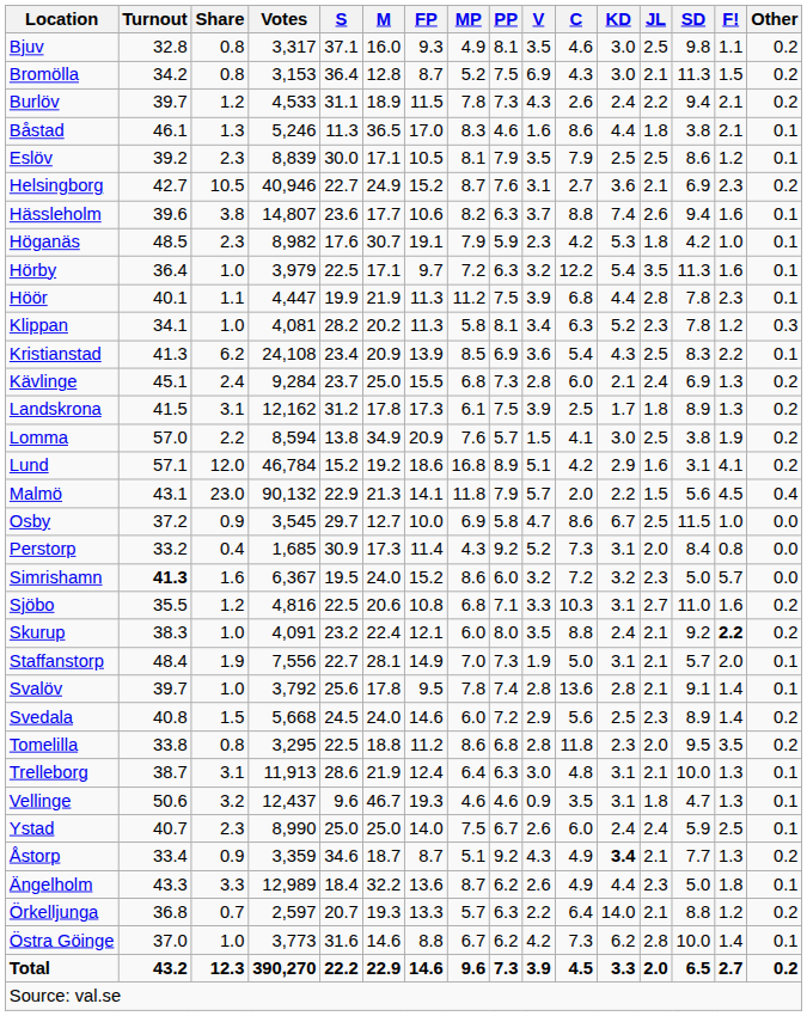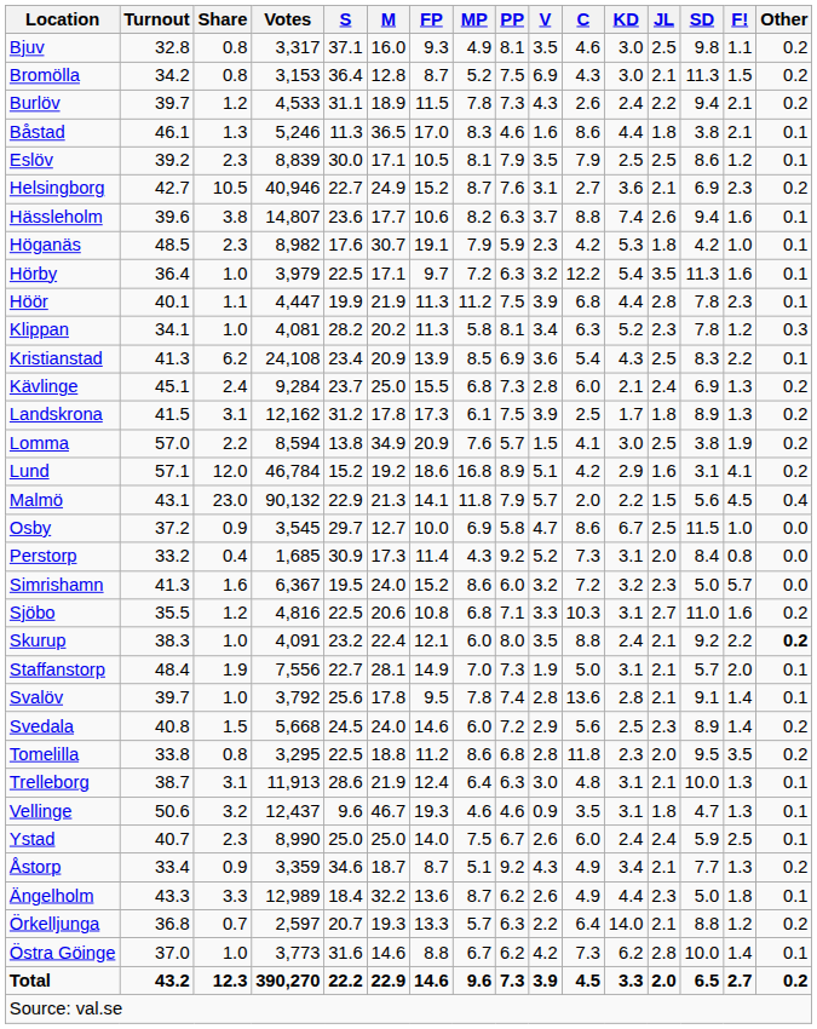 <table class="wikitable sortable" style=text-align:right>
 <tr>
 <th>Location</th>
 <th>Turnout</th>
 <th>Share</th>
 <th>Votes</th>
 <th><a href='#'>S</a></th>
 <th><a href='#'>M</a></th>
 <th><a href='#'>FP</a></th>
 <th><a href='#'>MP</a></th>
 <th><a href='#'>PP</a></th>
 <th><a href='#'>V</a></th>
 <th><a href='#'>C</a></th>
 <th><a href='#'>KD</a></th>
 <th><a href='#'>JL</a></th>
 <th><a href='#'>SD</a></th>
 <th><a href='#'>F!</a></th>
 <th>Other</th>
 </tr>
 <tr>
 <td align=left><a href='#'>Bjuv</a></td>
 <td>32.8</td>
 <td>0.8</td>
 <td>3,317</td>
 <td>37.1</td>
 <td>16.0</td>
 <td>9.3</td>
 <td>4.9</td>
 <td>8.1</td>
 <td>3.5</td>
 <td>4.6</td>
 <td>3.0</td>
 <td>2.5</td>
 <td>9.8</td>
 <td>1.1</td>
 <td>0.2</td>
 </tr>
 <tr>
 <td align=left><a href='#'>Bromölla</a></td>
 <td>34.2</td>
 <td>0.8</td>
 <td>3,153</td>
 <td>36.4</td>
 <td>12.8</td>
 <td>8.7</td>
 <td>5.2</td>
 <td>7.5</td>
 <td>6.9</td>
 <td>4.3</td>
 <td>3.0</td>
 <td>2.1</td>
 <td>11.3</td>
 <td>1.5</td>
 <td>0.2</td>
 </tr>
 <tr>
 <td align=left><a href='#'>Burlöv</a></td>
 <td>39.7</td>
 <td>1.2</td>
 <td>4,533</td>
 <td>31.1</td>
 <td>18.9</td>
 <td>11.5</td>
 <td>7.8</td>
 <td>7.3</td>
 <td>4.3</td>
 <td>2.6</td>
 <td>2.4</td>
 <td>2.2</td>
 <td>9.4</td>
 <td>2.1</td>
 <td>0.2</td>
 </tr>
 <tr>
 <td align=left><a href='#'>Båstad</a></td>
 <td>46.1</td>
 <td>1.3</td>
 <td>5,246</td>
 <td>11.3</td>
 <td>36.5</td>
 <td>17.0</td>
 <td>8.3</td>
 <td>4.6</td>
 <td>1.6</td>
 <td>8.6</td>
 <td>4.4</td>
 <td>1.8</td>
 <td>3.8</td>
 <td>2.1</td>
 <td>0.1</td>
 </tr>
 <tr>
 <td align=left><a href='#'>Eslöv</a></td>
 <td>39.2</td>
 <td>2.3</td>
 <td>8,839</td>
 <td>30.0</td>
 <td>17.1</td>
 <td>10.5</td>
 <td>8.1</td>
 <td>7.9</td>
 <td>3.5</td>
 <td>7.9</td>
 <td>2.5</td>
 <td>2.5</td>
 <td>8.6</td>
 <td>1.2</td>
 <td>0.1</td>
 </tr>
 <tr>
 <td align=left><a href='#'>Helsingborg</a></td>
 <td>42.7</td>
 <td>10.5</td>
 <td>40,946</td>
 <td>22.7</td>
 <td>24.9</td>
 <td>15.2</td>
 <td>8.7</td>
 <td>7.6</td>
 <td>3.1</td>
 <td>2.7</td>
 <td>3.6</td>
 <td>2.1</td>
 <td>6.9</td>
 <td>2.3</td>
 <td>0.2</td>
 </tr>
 <tr>
 <td align=left><a href='#'>Hässleholm</a></td>
 <td>39.6</td>
 <td>3.8</td>
 <td>14,807</td>
 <td>23.6</td>
 <td>17.7</td>
 <td>10.6</td>
 <td>8.2</td>
 <td>6.3</td>
 <td>3.7</td>
 <td>8.8</td>
 <td>7.4</td>
 <td>2.6</td>
 <td>9.4</td>
 <td>1.6</td>
 <td>0.1</td>
 </tr>
 <tr>
 <td align=left><a href='#'>Höganäs</a></td>
 <td>48.5</td>
 <td>2.3</td>
 <td>8,982</td>
 <td>17.6</td>
 <td>30.7</td>
 <td>19.1</td>
 <td>7.9</td>
 <td>5.9</td>
 <td>2.3</td>
 <td>4.2</td>
 <td>5.3</td>
 <td>1.8</td>
 <td>4.2</td>
 <td>1.0</td>
 <td>0.1</td>
 </tr>
 <tr>
 <td align=left><a href='#'>Hörby</a></td>
 <td>36.4</td>
 <td>1.0</td>
 <td>3,979</td>
 <td>22.5</td>
 <td>17.1</td>
 <td>9.7</td>
 <td>7.2</td>
 <td>6.3</td>
 <td>3.2</td>
 <td>12.2</td>
 <td>5.4</td>
 <td>3.5</td>
 <td>11.3</td>
 <td>1.6</td>
 <td>0.1</td>
 </tr>
 <tr>
 <td align=left><a href='#'>Höör</a></td>
 <td>40.1</td>
 <td>1.1</td>
 <td>4,447</td>
 <td>19.9</td>
 <td>21.9</td>
 <td>11.3</td>
 <td>11.2</td>
 <td>7.5</td>
 <td>3.9</td>
 <td>6.8</td>
 <td>4.4</td>
 <td>2.8</td>
 <td>7.8</td>
 <td>2.3</td>
 <td>0.1</td>
 </tr>
 <tr>
 <td align=left><a href='#'>Klippan</a></td>
 <td>34.1</td>
 <td>1.0</td>
 <td>4,081</td>
 <td>28.2</td>
 <td>20.2</td>
 <td>11.3</td>
 <td>5.8</td>
 <td>8.1</td>
 <td>3.4</td>
 <td>6.3</td>
 <td>5.2</td>
 <td>2.3</td>
 <td>7.8</td>
 <td>1.2</td>
 <td>0.3</td>
 </tr>
 <tr>
 <td align=left><a href='#'>Kristianstad</a></td>
 <td>41.3</td>
 <td>6.2</td>
 <td>24,108</td>
 <td>23.4</td>
 <td>20.9</td>
 <td>13.9</td>
 <td>8.5</td>
 <td>6.9</td>
 <td>3.6</td>
 <td>5.4</td>
 <td>4.3</td>
 <td>2.5</td>
 <td>8.3</td>
 <td>2.2</td>
 <td>0.1</td>
 </tr>
 <tr>
 <td align=left><a href='#'>Kävlinge</a></td>
 <td>45.1</td>
 <td>2.4</td>
 <td>9,284</td>
 <td>23.7</td>
 <td>25.0</td>
 <td>15.5</td>
 <td>6.8</td>
 <td>7.3</td>
 <td>2.8</td>
 <td>6.0</td>
 <td>2.1</td>
 <td>2.4</td>
 <td>6.9</td>
 <td>1.3</td>
 <td>0.2</td>
 </tr>
 <tr>
 <td align=left><a href='#'>Landskrona</a></td>
 <td>41.5</td>
 <td>3.1</td>
 <td>12,162</td>
 <td>31.2</td>
 <td>17.8</td>
 <td>17.3</td>
 <td>6.1</td>
 <td>7.5</td>
 <td>3.9</td>
 <td>2.5</td>
 <td>1.7</td>
 <td>1.8</td>
 <td>8.9</td>
 <td>1.3</td>
 <td>0.2</td>
 </tr>
 <tr>
 <td align=left><a href='#'>Lomma</a></td>
 <td>57.0</td>
 <td>2.2</td>
 <td>8,594</td>
 <td>13.8</td>
 <td>34.9</td>
 <td>20.9</td>
 <td>7.6</td>
 <td>5.7</td>
 <td>1.5</td>
 <td>4.1</td>
 <td>3.0</td>
 <td>2.5</td>
 <td>3.8</td>
 <td>1.9</td>
 <td>0.2</td>
 </tr>
 <tr>
 <td align=left><a href='#'>Lund</a></td>
 <td>57.1</td>
 <td>12.0</td>
 <td>46,784</td>
 <td>15.2</td>
 <td>19.2</td>
 <td>18.6</td>
 <td>16.8</td>
 <td>8.9</td>
 <td>5.1</td>
 <td>4.2</td>
 <td>2.9</td>
 <td>1.6</td>
 <td>3.1</td>
 <td>4.1</td>
 <td>0.2</td>
 </tr>
 <tr>
 <td align=left><a href='#'>Malmö</a></td>
 <td>43.1</td>
 <td>23.0</td>
 <td>90,132</td>
 <td>22.9</td>
 <td>21.3</td>
 <td>14.1</td>
 <td>11.8</td>
 <td>7.9</td>
 <td>5.7</td>
 <td>2.0</td>
 <td>2.2</td>
 <td>1.5</td>
 <td>5.6</td>
 <td>4.5</td>
 <td>0.4</td>
 </tr>
 <tr>
 <td align=left><a href='#'>Osby</a></td>
 <td>37.2</td>
 <td>0.9</td>
 <td>3,545</td>
 <td>29.7</td>
 <td>12.7</td>
 <td>10.0</td>
 <td>6.9</td>
 <td>5.8</td>
 <td>4.7</td>
 <td>8.6</td>
 <td>6.7</td>
 <td>2.5</td>
 <td>11.5</td>
 <td>1.0</td>
 <td>0.0</td>
 </tr>
 <tr>
 <td align=left><a href='#'>Perstorp</a></td>
 <td>33.2</td>
 <td>0.4</td>
 <td>1,685</td>
 <td>30.9</td>
 <td>17.3</td>
 <td>11.4</td>
 <td>4.3</td>
 <td>9.2</td>
 <td>5.2</td>
 <td>7.3</td>
 <td>3.1</td>
 <td>2.0</td>
 <td>8.4</td>
 <td>0.8</td>
 <td>0.0</td>
 </tr>
 <tr>
 <td align=left><a href='#'>Simrishamn</a></td>
-<td><strong>41.3</strong></td>
+<td>41.3</td>
 <td>1.6</td>
 <td>6,367</td>
 <td>19.5</td>
 <td>24.0</td>
 <td>15.2</td>
 <td>8.6</td>
 <td>6.0</td>
 <td>3.2</td>
 <td>7.2</td>
 <td>3.2</td>
 <td>2.3</td>
 <td>5.0</td>
 <td>5.7</td>
 <td>0.0</td>
 </tr>
 <tr>
 <td align=left><a href='#'>Sjöbo</a></td>
 <td>35.5</td>
 <td>1.2</td>
 <td>4,816</td>
 <td>22.5</td>
 <td>20.6</td>
 <td>10.8</td>
 <td>6.8</td>
 <td>7.1</td>
 <td>3.3</td>
 <td>10.3</td>
 <td>3.1</td>
 <td>2.7</td>
 <td>11.0</td>
 <td>1.6</td>
 <td>0.2</td>
 </tr>
 <tr>
 <td align=left><a href='#'>Skurup</a></td>
 <td>38.3</td>
 <td>1.0</td>
 <td>4,091</td>
 <td>23.2</td>
 <td>22.4</td>
 <td>12.1</td>
 <td>6.0</td>
 <td>8.0</td>
 <td>3.5</td>
 <td>8.8</td>
 <td>2.4</td>
 <td>2.1</td>
 <td>9.2</td>
-<td><strong>2.2</strong></td>
-<td>0.2</td>
+<td>2.2</td>
+<td><strong>0.2</strong></td>
 </tr>
 <tr>
 <td align=left><a href='#'>Staffanstorp</a></td>
 <td>48.4</td>
 <td>1.9</td>
 <td>7,556</td>
 <td>22.7</td>
 <td>28.1</td>
 <td>14.9</td>
 <td>7.0</td>
 <td>7.3</td>
 <td>1.9</td>
 <td>5.0</td>
 <td>3.1</td>
 <td>2.1</td>
 <td>5.7</td>
 <td>2.0</td>
 <td>0.1</td>
 </tr>
 <tr>
 <td align=left><a href='#'>Svalöv</a></td>
 <td>39.7</td>
 <td>1.0</td>
 <td>3,792</td>
 <td>25.6</td>
 <td>17.8</td>
 <td>9.5</td>
 <td>7.8</td>
 <td>7.4</td>
 <td>2.8</td>
 <td>13.6</td>
 <td>2.8</td>
 <td>2.1</td>
 <td>9.1</td>
 <td>1.4</td>
 <td>0.1</td>
 </tr>
 <tr>
 <td align=left><a href='#'>Svedala</a></td>
 <td>40.8</td>
 <td>1.5</td>
 <td>5,668</td>
 <td>24.5</td>
 <td>24.0</td>
 <td>14.6</td>
 <td>6.0</td>
 <td>7.2</td>
 <td>2.9</td>
 <td>5.6</td>
 <td>2.5</td>
 <td>2.3</td>
 <td>8.9</td>
 <td>1.4</td>
 <td>0.2</td>
 </tr>
 <tr>
 <td align=left><a href='#'>Tomelilla</a></td>
 <td>33.8</td>
 <td>0.8</td>
 <td>3,295</td>
 <td>22.5</td>
 <td>18.8</td>
 <td>11.2</td>
 <td>8.6</td>
 <td>6.8</td>
 <td>2.8</td>
 <td>11.8</td>
 <td>2.3</td>
 <td>2.0</td>
 <td>9.5</td>
 <td>3.5</td>
 <td>0.2</td>
 </tr>
 <tr>
 <td align=left><a href='#'>Trelleborg</a></td>
 <td>38.7</td>
 <td>3.1</td>
 <td>11,913</td>
 <td>28.6</td>
 <td>21.9</td>
 <td>12.4</td>
 <td>6.4</td>
 <td>6.3</td>
 <td>3.0</td>
 <td>4.8</td>
 <td>3.1</td>
 <td>2.1</td>
 <td>10.0</td>
 <td>1.3</td>
 <td>0.1</td>
 </tr>
 <tr>
 <td align=left><a href='#'>Vellinge</a></td>
 <td>50.6</td>
 <td>3.2</td>
 <td>12,437</td>
 <td>9.6</td>
 <td>46.7</td>
 <td>19.3</td>
 <td>4.6</td>
 <td>4.6</td>
 <td>0.9</td>
 <td>3.5</td>
 <td>3.1</td>
 <td>1.8</td>
 <td>4.7</td>
 <td>1.3</td>
 <td>0.1</td>
 </tr>
 <tr>
 <td align=left><a href='#'>Ystad</a></td>
 <td>40.7</td>
 <td>2.3</td>
 <td>8,990</td>
 <td>25.0</td>
 <td>25.0</td>
 <td>14.0</td>
 <td>7.5</td>
 <td>6.7</td>
 <td>2.6</td>
 <td>6.0</td>
 <td>2.4</td>
 <td>2.4</td>
 <td>5.9</td>
 <td>2.5</td>
 <td>0.1</td>
 </tr>
 <tr>
 <td align=left><a href='#'>Åstorp</a></td>
 <td>33.4</td>
 <td>0.9</td>
 <td>3,359</td>
 <td>34.6</td>
 <td>18.7</td>
 <td>8.7</td>
 <td>5.1</td>
 <td>9.2</td>
 <td>4.3</td>
 <td>4.9</td>
-<td><strong>3.4</strong></td>
+<td>3.4</td>
 <td>2.1</td>
 <td>7.7</td>
 <td>1.3</td>
 <td>0.2</td>
 </tr>
 <tr>
 <td align=left><a href='#'>Ängelholm</a></td>
 <td>43.3</td>
 <td>3.3</td>
 <td>12,989</td>
 <td>18.4</td>
 <td>32.2</td>
 <td>13.6</td>
 <td>8.7</td>
 <td>6.2</td>
 <td>2.6</td>
 <td>4.9</td>
 <td>4.4</td>
 <td>2.3</td>
 <td>5.0</td>
 <td>1.8</td>
 <td>0.1</td>
 </tr>
 <tr>
 <td align=left><a href='#'>Örkelljunga</a></td>
 <td>36.8</td>
 <td>0.7</td>
 <td>2,597</td>
 <td>20.7</td>
 <td>19.3</td>
 <td>13.3</td>
 <td>5.7</td>
 <td>6.3</td>
 <td>2.2</td>
 <td>6.4</td>
 <td>14.0</td>
 <td>2.1</td>
 <td>8.8</td>
 <td>1.2</td>
 <td>0.2</td>
 </tr>
 <tr>
 <td align=left><a href='#'>Östra Göinge</a></td>
 <td>37.0</td>
 <td>1.0</td>
 <td>3,773</td>
 <td>31.6</td>
 <td>14.6</td>
 <td>8.8</td>
 <td>6.7</td>
 <td>6.2</td>
 <td>4.2</td>
 <td>7.3</td>
 <td>6.2</td>
 <td>2.8</td>
 <td>10.0</td>
 <td>1.4</td>
 <td>0.1</td>
 </tr>
 <tr>
 <td align=left><strong>Total</strong></td>
 <td><strong>43.2</strong></td>
 <td><strong>12.3</strong></td>
 <td><strong>390,270</strong></td>
 <td><strong>22.2</strong></td>
 <td><strong>22.9</strong></td>
 <td><strong>14.6</strong></td>
 <td><strong>9.6</strong></td>
 <td><strong>7.3</strong></td>
 <td><strong>3.9</strong></td>
 <td><strong>4.5</strong></td>
 <td><strong>3.3</strong></td>
 <td><strong>2.0</strong></td>
 <td><strong>6.5</strong></td>
 <td><strong>2.7</strong></td>
 <td><strong>0.2</strong></td>
 </tr>
 <tr>
 <td align=left colspan=16>Source: val.se </td>
 </tr>
 </table>
